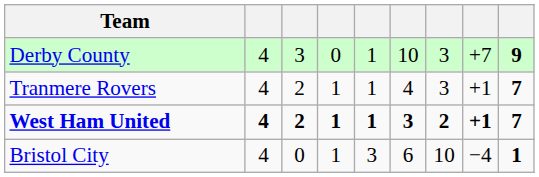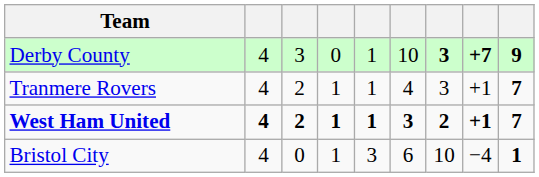 <table class="wikitable" style="text-align: center;">
 <tr>
 <th width=175>Team</th>
 <th width=20></th>
 <th width=20></th>
 <th width=20></th>
 <th width=20></th>
 <th width=20></th>
 <th width=20></th>
 <th width=20></th>
 <th width=20></th>
 </tr>
 <tr bgcolor="ccffcc">
 <td align=left> <a href='#'>Derby County</a></td>
 <td>4</td>
 <td>3</td>
 <td>0</td>
 <td>1</td>
 <td>10</td>
-<td>3</td>
-<td>+7</td>
+<td><strong>3</strong></td>
+<td><strong>+7</strong></td>
 <td><strong>9</strong></td>
 </tr>
 <tr>
 <td align=left> <a href='#'>Tranmere Rovers</a></td>
 <td>4</td>
 <td>2</td>
 <td>1</td>
 <td>1</td>
 <td>4</td>
 <td>3</td>
 <td>+1</td>
 <td><strong>7</strong></td>
 </tr>
 <tr>
 <td align=left> <strong><a href='#'>West Ham United</a></strong></td>
 <td><strong>4</strong></td>
 <td><strong>2</strong></td>
 <td><strong>1</strong></td>
 <td><strong>1</strong></td>
 <td><strong>3</strong></td>
 <td><strong>2</strong></td>
 <td><strong>+1</strong></td>
 <td><strong>7</strong></td>
 </tr>
 <tr>
 <td align=left> <a href='#'>Bristol City</a></td>
 <td>4</td>
 <td>0</td>
 <td>1</td>
 <td>3</td>
 <td>6</td>
 <td>10</td>
 <td>−4</td>
 <td><strong>1</strong></td>
 </tr>
 </table>
